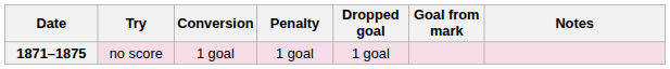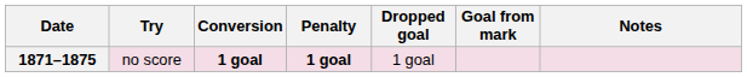 <table class="wikitable">
 <tr>
 <th scope="col" width="100px">Date</th>
 <th scope="col" width="80px">Try</th>
 <th scope="col" width="80px">Conversion</th>
 <th scope="col" width="80px">Penalty</th>
 <th scope="col" width="80px">Dropped goal</th>
 <th scope="col" width="80px">Goal from mark</th>
 <th scope="col" width="200px">Notes</th>
 </tr>
 <tr style="text-align:center; background:#F4DDE7;">
 <th rowspan="2">1871–1875</th>
 <td>no score</td>
-<td>1 goal</td>
-<td>1 goal</td>
+<td><strong>1 goal</strong></td>
+<td><strong>1 goal</strong></td>
 <td>1 goal</td>
 <td></td>
 <td rowspan="4"><br></td>
 </tr>
 </table>
